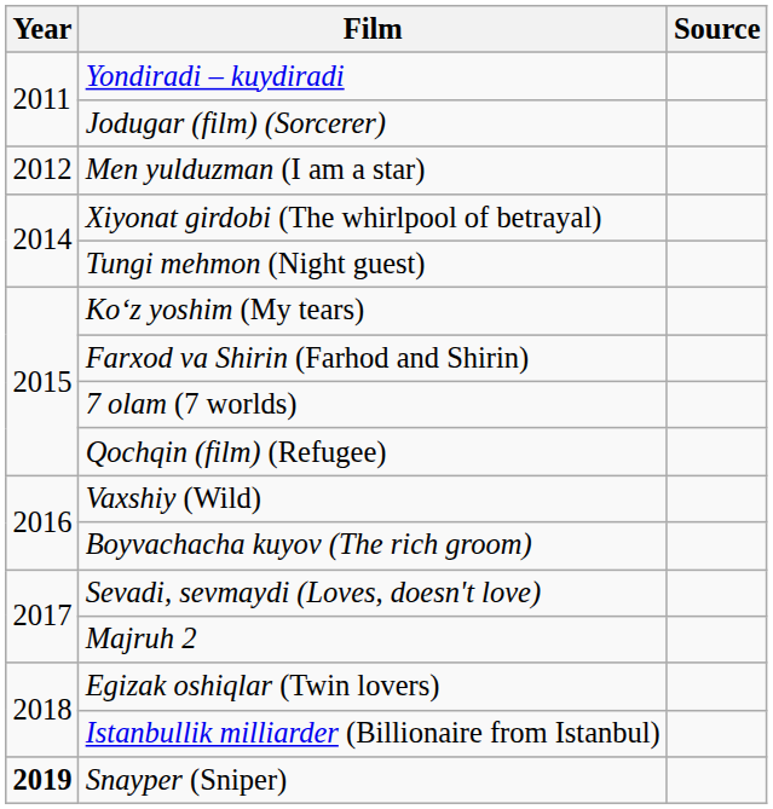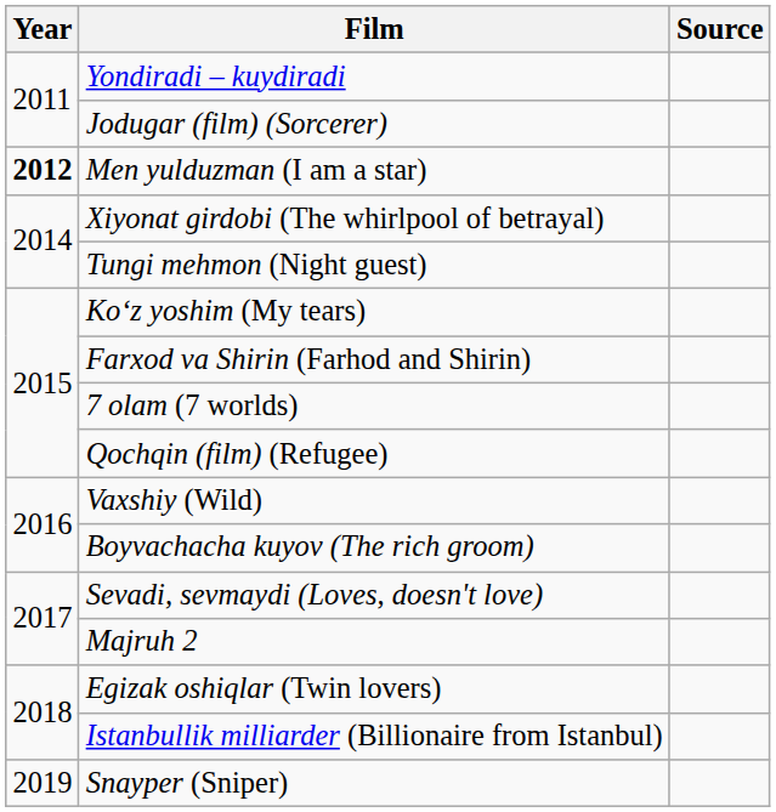 <table class="wikitable sortable">
 <tr>
 <th>Year</th>
 <th>Film</th>
 <th>Source</th>
 </tr>
 <tr>
 <td rowspan=2>2011</td>
 <td><em><a href='#'>Yondiradi – kuydiradi</a></em></td>
 <td></td>
 </tr>
 <tr>
 <td><em>Jodugar (film) (Sorcerer)</em></td>
 <td></td>
 </tr>
 <tr>
-<td>2012</td>
+<td><strong>2012</strong></td>
 <td><em>Men yulduzman</em> (I am a star)</td>
 <td></td>
 </tr>
 <tr>
 <td rowspan=2>2014</td>
 <td><em>Xiyonat girdobi</em> (The whirlpool of betrayal)</td>
 <td></td>
 </tr>
 <tr>
 <td><em>Tungi mehmon</em> (Night guest)</td>
 <td></td>
 </tr>
 <tr>
 <td rowspan=4>2015</td>
 <td><em>Koʻz yoshim</em> (My tears)</td>
 <td></td>
 </tr>
 <tr>
 <td><em>Farxod va Shirin</em> (Farhod and Shirin)</td>
 <td></td>
 </tr>
 <tr>
 <td><em>7 olam</em> (7 worlds)</td>
 <td></td>
 </tr>
 <tr>
 <td><em>Qochqin (film)</em> (Refugee)</td>
 <td></td>
 </tr>
 <tr>
 <td rowspan=2>2016</td>
 <td><em>Vaxshiy</em> (Wild)</td>
 <td></td>
 </tr>
 <tr>
 <td><em>Boyvachacha kuyov (The rich groom)</em></td>
 <td></td>
 </tr>
 <tr>
 <td rowspan=2>2017</td>
 <td><em>Sevadi, sevmaydi (Loves, doesn't love)</em></td>
 <td></td>
 </tr>
 <tr>
 <td><em>Majruh 2</em></td>
 <td></td>
 </tr>
 <tr>
 <td rowspan=2>2018</td>
 <td><em>Egizak oshiqlar</em> (Twin lovers)</td>
 <td></td>
 </tr>
 <tr>
 <td><em><a href='#'>Istanbullik milliarder</a></em> (Billionaire from Istanbul)</td>
 <td></td>
 </tr>
 <tr>
-<td><strong>2019</strong></td>
+<td>2019</td>
 <td><em>Snayper</em> (Sniper)</td>
 <td></td>
 </tr>
 </table>
